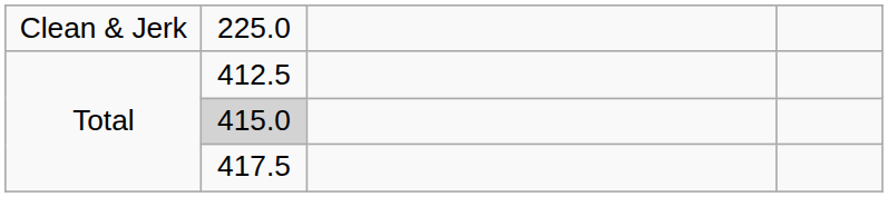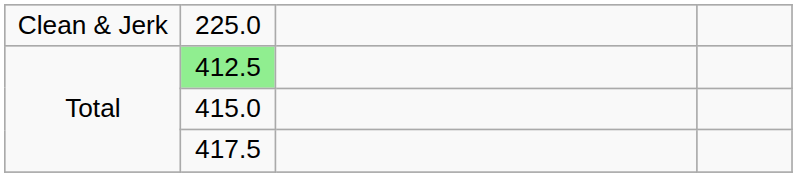 <table class = "wikitable" style="text-align:center;">
 <tr>
 <td width=100>Clean & Jerk</td>
 <td width=50>225.0</td>
 <td width=250 align=left></td>
 <td width=50></td>
 </tr>
 <tr>
 <td rowspan=3>Total</td>
-<td>412.5</td>
+<td style="background: lightgreen;">412.5</td>
 <td align=left></td>
 <td></td>
 </tr>
 <tr>
-<td style="background: lightgrey;">415.0</td>
+<td>415.0</td>
 <td align=left></td>
 <td></td>
 </tr>
 <tr>
 <td>417.5</td>
 <td align=left></td>
 <td></td>
 </tr>
 </table>
